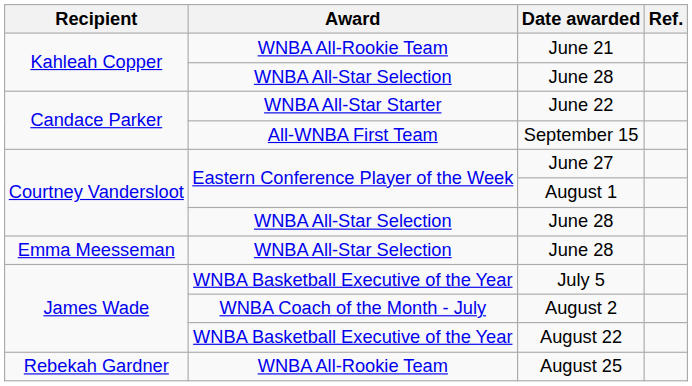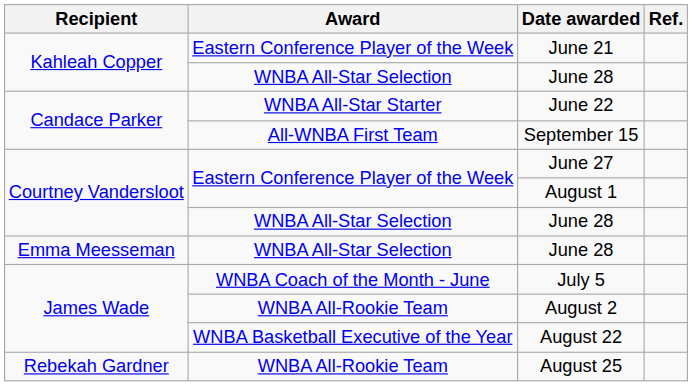 <table class="wikitable sortable sortable" style="text-align: center">
 <tr>
 <th>Recipient</th>
 <th>Award</th>
 <th>Date awarded</th>
 <th class="unsortable">Ref.</th>
 </tr>
 <tr>
 <td rowspan=2><a href='#'>Kahleah Copper</a></td>
-<td><a href='#'>WNBA All-Rookie Team</a></td>
+<td><a href='#'>Eastern Conference Player of the Week</a></td>
 <td>June 21</td>
 <td></td>
 </tr>
 <tr>
 <td><a href='#'>WNBA All-Star Selection</a></td>
 <td>June 28</td>
 <td><br></td>
 </tr>
 <tr>
 <td rowspan=2><a href='#'>Candace Parker</a></td>
 <td><a href='#'>WNBA All-Star Starter</a></td>
 <td>June 22</td>
 <td></td>
 </tr>
 <tr>
 <td><a href='#'>All-WNBA First Team</a></td>
 <td>September 15</td>
 <td></td>
 </tr>
 <tr>
 <td rowspan=3><a href='#'>Courtney Vandersloot</a></td>
 <td rowspan=2><a href='#'>Eastern Conference Player of the Week</a></td>
 <td>June 27</td>
 <td></td>
 </tr>
 <tr>
 <td>August 1</td>
 <td></td>
 </tr>
 <tr>
 <td><a href='#'>WNBA All-Star Selection</a></td>
 <td>June 28</td>
 <td><br></td>
 </tr>
 <tr>
 <td><a href='#'>Emma Meesseman</a></td>
 <td><a href='#'>WNBA All-Star Selection</a></td>
 <td>June 28</td>
 <td><br></td>
 </tr>
 <tr>
 <td rowspan=3><a href='#'>James Wade</a></td>
-<td><a href='#'>WNBA Basketball Executive of the Year</a></td>
+<td><a href='#'>WNBA Coach of the Month - June</a></td>
 <td>July 5</td>
 <td></td>
 </tr>
 <tr>
-<td><a href='#'>WNBA Coach of the Month - July</a></td>
+<td><a href='#'>WNBA All-Rookie Team</a></td>
 <td>August 2</td>
 <td></td>
 </tr>
 <tr>
 <td><a href='#'>WNBA Basketball Executive of the Year</a></td>
 <td>August 22</td>
 <td></td>
 </tr>
 <tr>
 <td><a href='#'>Rebekah Gardner</a></td>
 <td><a href='#'>WNBA All-Rookie Team</a></td>
 <td>August 25</td>
 <td></td>
 </tr>
 </table>
